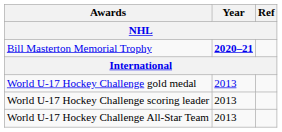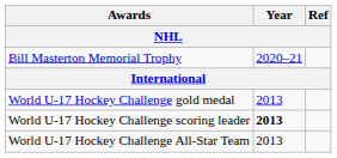 <table class="wikitable">
 <tr>
 <th>Awards</th>
 <th>Year</th>
 <th>Ref</th>
 </tr>
 <tr>
 <th colspan="3"><a href='#'>NHL</a></th>
 </tr>
 <tr>
 <td><a href='#'>Bill Masterton Memorial Trophy</a></td>
-<td><strong><a href='#'>2020–21</a></strong></td>
+<td><a href='#'>2020–21</a></td>
 <td></td>
 </tr>
 <tr>
 <th colspan="3"><a href='#'>International</a></th>
 </tr>
 <tr>
 <td><a href='#'>World U-17 Hockey Challenge</a> gold medal</td>
 <td><a href='#'>2013</a></td>
 <td></td>
 </tr>
 <tr>
 <td>World U-17 Hockey Challenge scoring leader</td>
-<td>2013</td>
+<td><strong>2013</strong></td>
 <td></td>
 </tr>
 <tr>
 <td>World U-17 Hockey Challenge All-Star Team</td>
 <td>2013</td>
 <td></td>
 </tr>
 </table>
